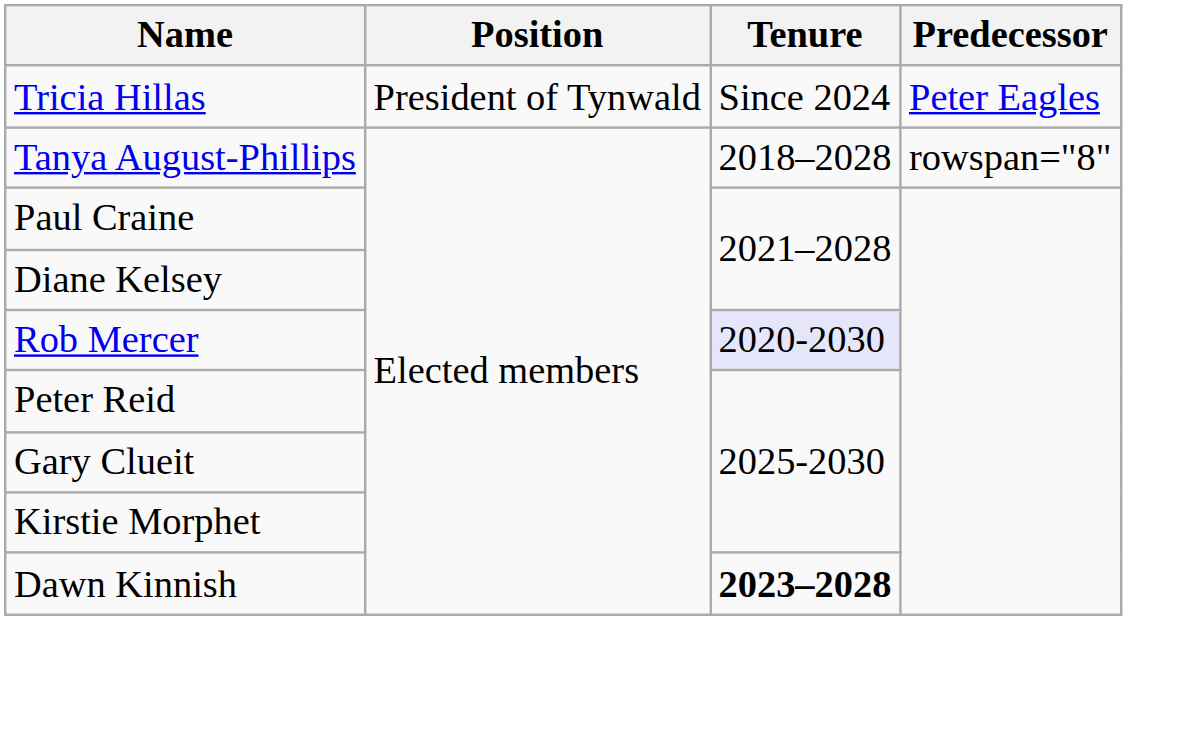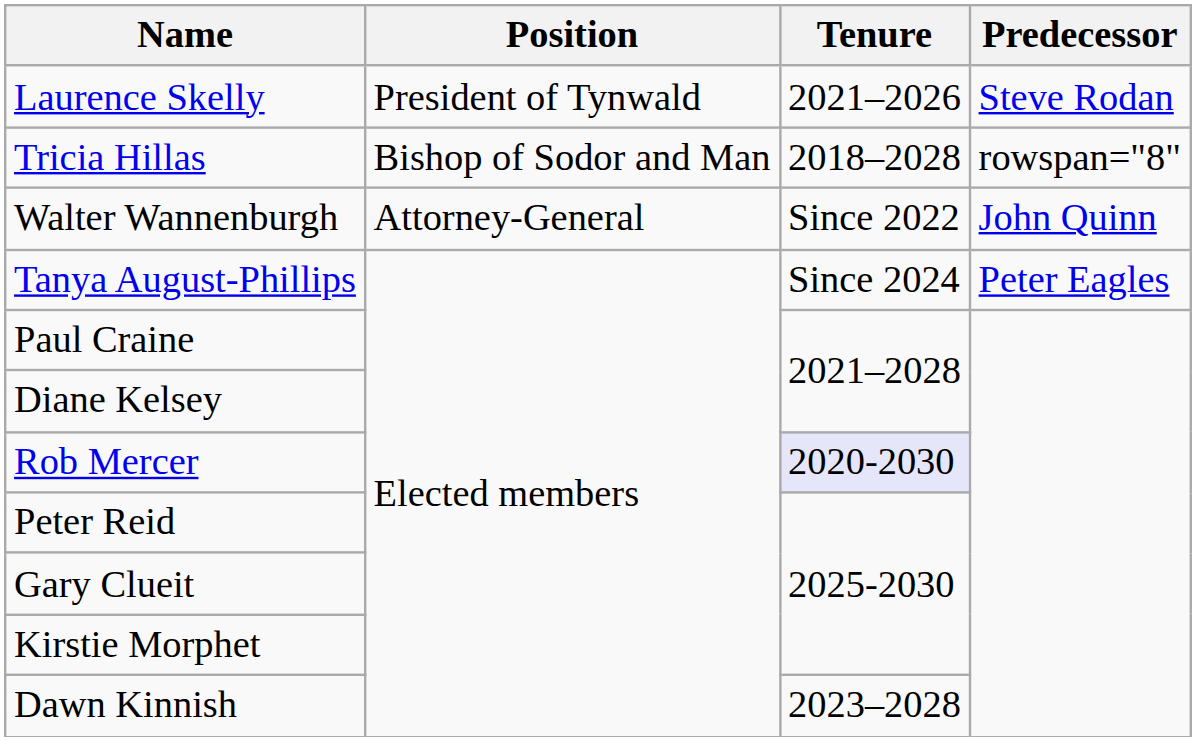 <table class="wikitable">
 <tr>
 <th>Name</th>
 <th>Position</th>
 <th>Tenure</th>
 <th>Predecessor</th>
 </tr>
 <tr>
+<td><a href='#'>Laurence Skelly</a></td>
+<td>President of Tynwald</td>
+<td>2021–2026</td>
+<td><a href='#'>Steve Rodan</a></td>
+</tr>
+<tr>
 <td><a href='#'>Tricia Hillas</a></td>
-<td>President of Tynwald</td>
-<td>Since 2024</td>
-<td><a href='#'>Peter Eagles</a></td>
+<td>Bishop of Sodor and Man</td>
+<td>2018–2028</td>
+<td>rowspan="8"   </td>
+</tr>
+<tr>
+<td>Walter Wannenburgh</td>
+<td>Attorney-General</td>
+<td>Since 2022</td>
+<td><a href='#'>John Quinn</a></td>
 </tr>
 <tr>
 <td><a href='#'>Tanya August-Phillips</a></td>
 <td rowspan=8>Elected members</td>
-<td>2018–2028</td>
-<td>rowspan="8"   </td>
+<td>Since 2024</td>
+<td><a href='#'>Peter Eagles</a></td>
 </tr>
 <tr>
 <td>Paul Craine</td>
 <td rowspan=2>2021–2028</td>
 </tr>
 <tr>
 <td>Diane Kelsey</td>
 </tr>
 <tr>
 <td><a href='#'>Rob Mercer</a></td>
 <td style="background: lavender;">2020-2030</td>
 </tr>
 <tr>
 <td>Peter Reid</td>
 <td rowspan="3">2025-2030</td>
 </tr>
 <tr>
 <td>Gary Clueit</td>
 </tr>
 <tr>
 <td>Kirstie Morphet</td>
 </tr>
 <tr>
 <td>Dawn Kinnish</td>
-<td><strong>2023–2028</strong></td>
+<td>2023–2028</td>
 </tr>
 </table>
